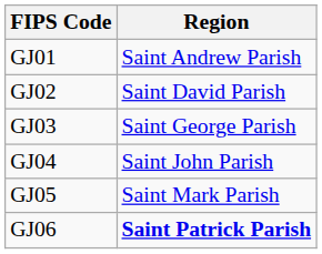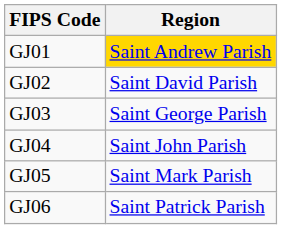 <table class="wikitable">
 <tr>
 <th>FIPS Code</th>
 <th>Region</th>
 </tr>
 <tr>
 <td>GJ01</td>
-<td><a href='#'>Saint Andrew Parish</a></td>
+<td style="background: gold;"><a href='#'>Saint Andrew Parish</a></td>
 </tr>
 <tr>
 <td>GJ02</td>
 <td><a href='#'>Saint David Parish</a></td>
 </tr>
 <tr>
 <td>GJ03</td>
 <td><a href='#'>Saint George Parish</a></td>
 </tr>
 <tr>
 <td>GJ04</td>
 <td><a href='#'>Saint John Parish</a></td>
 </tr>
 <tr>
 <td>GJ05</td>
 <td><a href='#'>Saint Mark Parish</a></td>
 </tr>
 <tr>
 <td>GJ06</td>
-<td><strong><a href='#'>Saint Patrick Parish</a></strong></td>
+<td><a href='#'>Saint Patrick Parish</a></td>
 </tr>
 </table>
